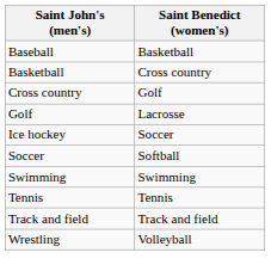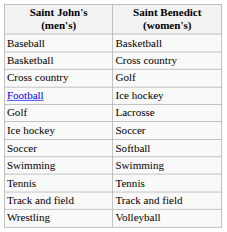 <table class="wikitable"; style= "text-align: ">
 <tr>
 <th width=150px>Saint John's <br>(men's)</th>
 <th width=150px>Saint Benedict<br>(women's)</th>
 </tr>
 <tr>
 <td>Baseball</td>
 <td>Basketball</td>
 </tr>
 <tr>
 <td>Basketball</td>
 <td>Cross country</td>
 </tr>
 <tr>
 <td>Cross country</td>
 <td>Golf</td>
+</tr>
+<tr>
+<td><a href='#'>Football</a></td>
+<td>Ice hockey</td>
 </tr>
 <tr>
 <td>Golf</td>
 <td>Lacrosse</td>
 </tr>
 <tr>
 <td>Ice hockey</td>
 <td>Soccer</td>
 </tr>
 <tr>
 <td>Soccer</td>
 <td>Softball</td>
 </tr>
 <tr>
 <td>Swimming</td>
 <td>Swimming</td>
 </tr>
 <tr>
 <td>Tennis</td>
 <td>Tennis</td>
 </tr>
 <tr>
 <td>Track and field</td>
 <td>Track and field</td>
 </tr>
 <tr>
 <td>Wrestling</td>
 <td>Volleyball</td>
 </tr>
 </table>
